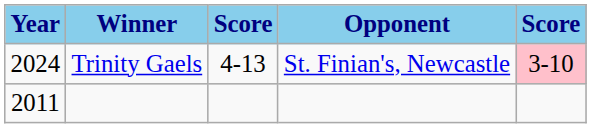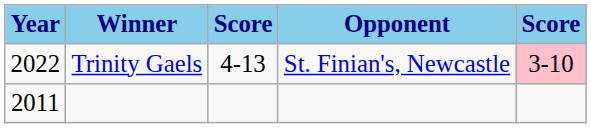 <table class="wikitable" style="text-align:center;">
 <tr>
 <th style="background:skyblue;color:navy;">Year</th>
 <th style="background:skyblue;color:navy;">Winner</th>
 <th style="background:skyblue;color:navy;">Score</th>
 <th style="background:skyblue;color:navy;">Opponent</th>
 <th style="background:skyblue;color:navy;">Score</th>
 </tr>
 <tr>
-<td>2024</td>
+<td>2022</td>
 <td><a href='#'>Trinity Gaels</a></td>
 <td>4-13</td>
 <td><a href='#'>St. Finian's, Newcastle</a></td>
 <td style="background: pink;">3-10</td>
 </tr>
 <tr>
 <td>2011</td>
 <td></td>
 <td></td>
 <td></td>
 <td></td>
 </tr>
 </table>
